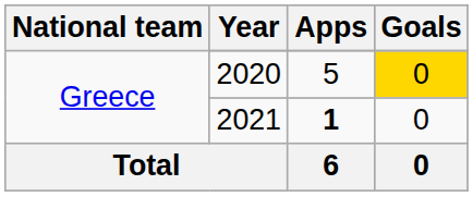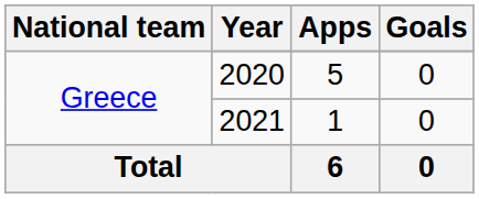 <table class="wikitable" style="text-align:center">
 <tr>
 <th>National team</th>
 <th>Year</th>
 <th>Apps</th>
 <th>Goals</th>
 </tr>
 <tr>
 <td rowspan=3><a href='#'>Greece</a></td>
 </tr>
 <tr>
 <td>2020</td>
 <td>5</td>
-<td style="background: gold;">0</td>
+<td>0</td>
 </tr>
 <tr>
 <td>2021</td>
-<td><strong>1</strong></td>
+<td>1</td>
 <td>0</td>
 </tr>
 <tr>
 <th colspan="2">Total</th>
 <th>6</th>
 <th>0</th>
 </tr>
 </table>
